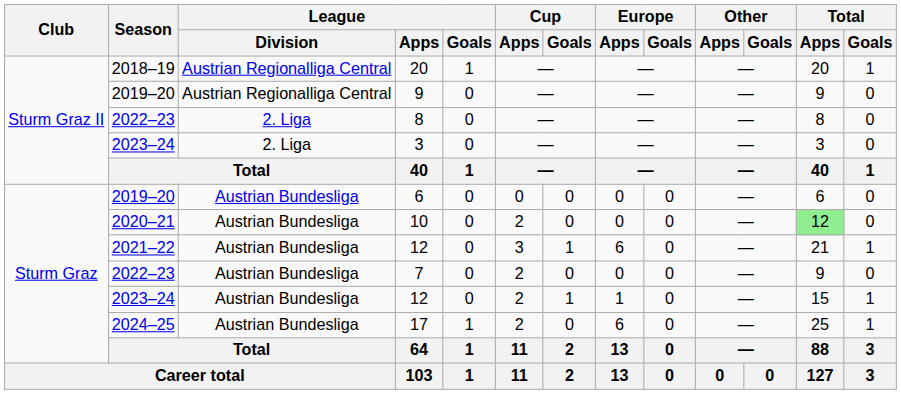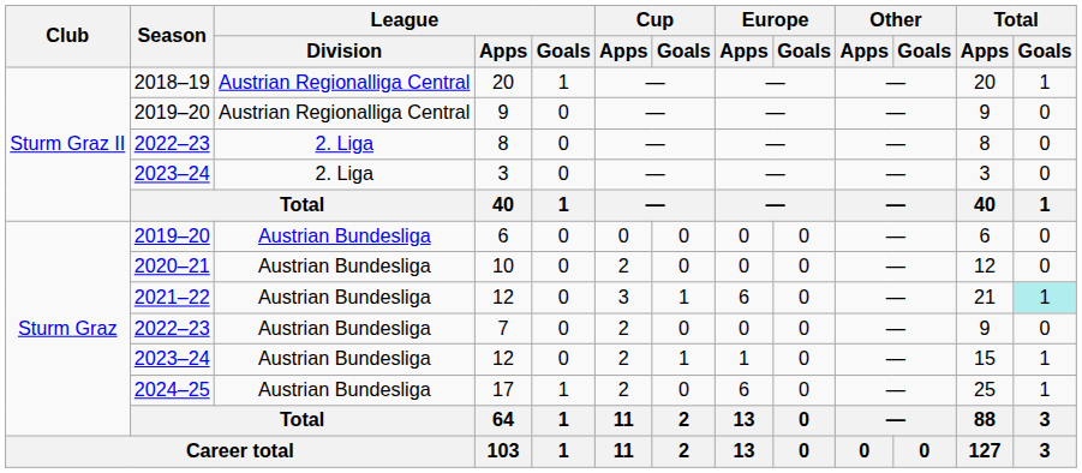 <table class="wikitable" style="text-align: center;">
 <tr>
 <th rowspan="2">Club</th>
 <th rowspan="2">Season</th>
 <th colspan="3">League</th>
 <th colspan="2">Cup</th>
 <th colspan="2">Europe</th>
 <th colspan="2">Other</th>
 <th colspan="2">Total</th>
 </tr>
 <tr>
 <th>Division</th>
 <th>Apps</th>
 <th>Goals</th>
 <th>Apps</th>
 <th>Goals</th>
 <th>Apps</th>
 <th>Goals</th>
 <th>Apps</th>
 <th>Goals</th>
 <th>Apps</th>
 <th>Goals</th>
 </tr>
 <tr>
 <td rowspan="5"><a href='#'>Sturm Graz II</a></td>
 <td>2018–19</td>
 <td><a href='#'>Austrian Regionalliga Central</a></td>
 <td>20</td>
 <td>1</td>
 <td colspan="2">—</td>
 <td colspan="2">—</td>
 <td colspan="2">—</td>
 <td>20</td>
 <td>1</td>
 </tr>
 <tr>
 <td>2019–20</td>
 <td>Austrian Regionalliga Central</td>
 <td>9</td>
 <td>0</td>
 <td colspan="2">—</td>
 <td colspan="2">—</td>
 <td colspan="2">—</td>
 <td>9</td>
 <td>0</td>
 </tr>
 <tr>
 <td><a href='#'>2022–23</a></td>
 <td><a href='#'>2. Liga</a></td>
 <td>8</td>
 <td>0</td>
 <td colspan="2">—</td>
 <td colspan="2">—</td>
 <td colspan="2">—</td>
 <td>8</td>
 <td>0</td>
 </tr>
 <tr>
 <td><a href='#'>2023–24</a></td>
 <td>2. Liga</td>
 <td>3</td>
 <td>0</td>
 <td colspan="2">—</td>
 <td colspan="2">—</td>
 <td colspan="2">—</td>
 <td>3</td>
 <td>0</td>
 </tr>
 <tr>
 <th colspan="2">Total</th>
 <th>40</th>
 <th>1</th>
 <th colspan="2">—</th>
 <th colspan="2">—</th>
 <th colspan="2">—</th>
 <th>40</th>
 <th>1</th>
 </tr>
 <tr>
 <td rowspan="7"><a href='#'>Sturm Graz</a></td>
 <td><a href='#'>2019–20</a></td>
 <td><a href='#'>Austrian Bundesliga</a></td>
 <td>6</td>
 <td>0</td>
 <td>0</td>
 <td>0</td>
 <td>0</td>
 <td>0</td>
 <td colspan="2">—</td>
 <td>6</td>
 <td>0</td>
 </tr>
 <tr>
 <td><a href='#'>2020–21</a></td>
 <td>Austrian Bundesliga</td>
 <td>10</td>
 <td>0</td>
 <td>2</td>
 <td>0</td>
 <td>0</td>
 <td>0</td>
 <td colspan="2">—</td>
-<td style="background: lightgreen;">12</td>
+<td>12</td>
 <td>0</td>
 </tr>
 <tr>
 <td><a href='#'>2021–22</a></td>
 <td>Austrian Bundesliga</td>
 <td>12</td>
 <td>0</td>
 <td>3</td>
 <td>1</td>
 <td>6</td>
 <td>0</td>
 <td colspan="2">—</td>
 <td>21</td>
-<td>1</td>
+<td style="background: paleturquoise;">1</td>
 </tr>
 <tr>
 <td><a href='#'>2022–23</a></td>
 <td>Austrian Bundesliga</td>
 <td>7</td>
 <td>0</td>
 <td>2</td>
 <td>0</td>
 <td>0</td>
 <td>0</td>
 <td colspan="2">—</td>
 <td>9</td>
 <td>0</td>
 </tr>
 <tr>
 <td><a href='#'>2023–24</a></td>
 <td>Austrian Bundesliga</td>
 <td>12</td>
 <td>0</td>
 <td>2</td>
 <td>1</td>
 <td>1</td>
 <td>0</td>
 <td colspan="2">—</td>
 <td>15</td>
 <td>1</td>
 </tr>
 <tr>
 <td><a href='#'>2024–25</a></td>
 <td>Austrian Bundesliga</td>
 <td>17</td>
 <td>1</td>
 <td>2</td>
 <td>0</td>
 <td>6</td>
 <td>0</td>
 <td colspan="2">—</td>
 <td>25</td>
 <td>1</td>
 </tr>
 <tr>
 <th colspan="2">Total</th>
 <th>64</th>
 <th>1</th>
 <th>11</th>
 <th>2</th>
 <th>13</th>
 <th>0</th>
 <th colspan="2">—</th>
 <th>88</th>
 <th>3</th>
 </tr>
 <tr>
 <th colspan="3">Career total</th>
 <th>103</th>
 <th>1</th>
 <th>11</th>
 <th>2</th>
 <th>13</th>
 <th>0</th>
 <th>0</th>
 <th>0</th>
 <th>127</th>
 <th>3</th>
 </tr>
 </table>
